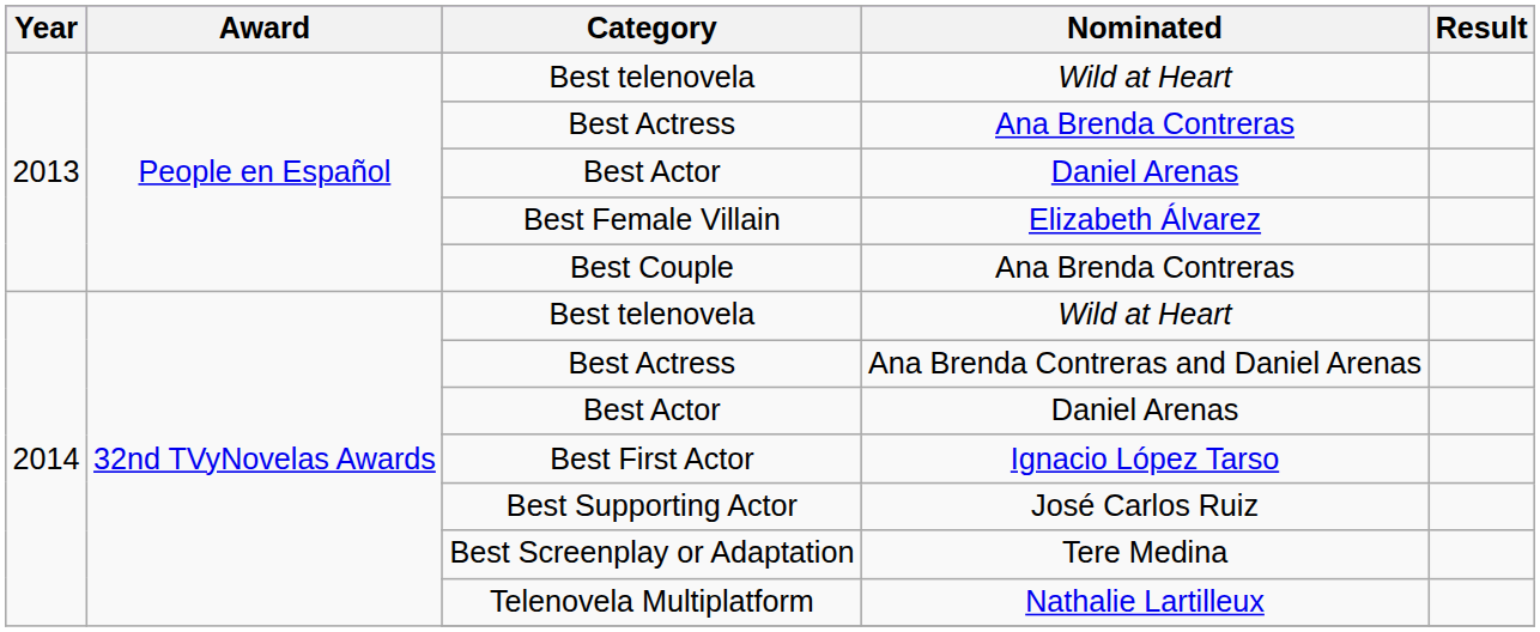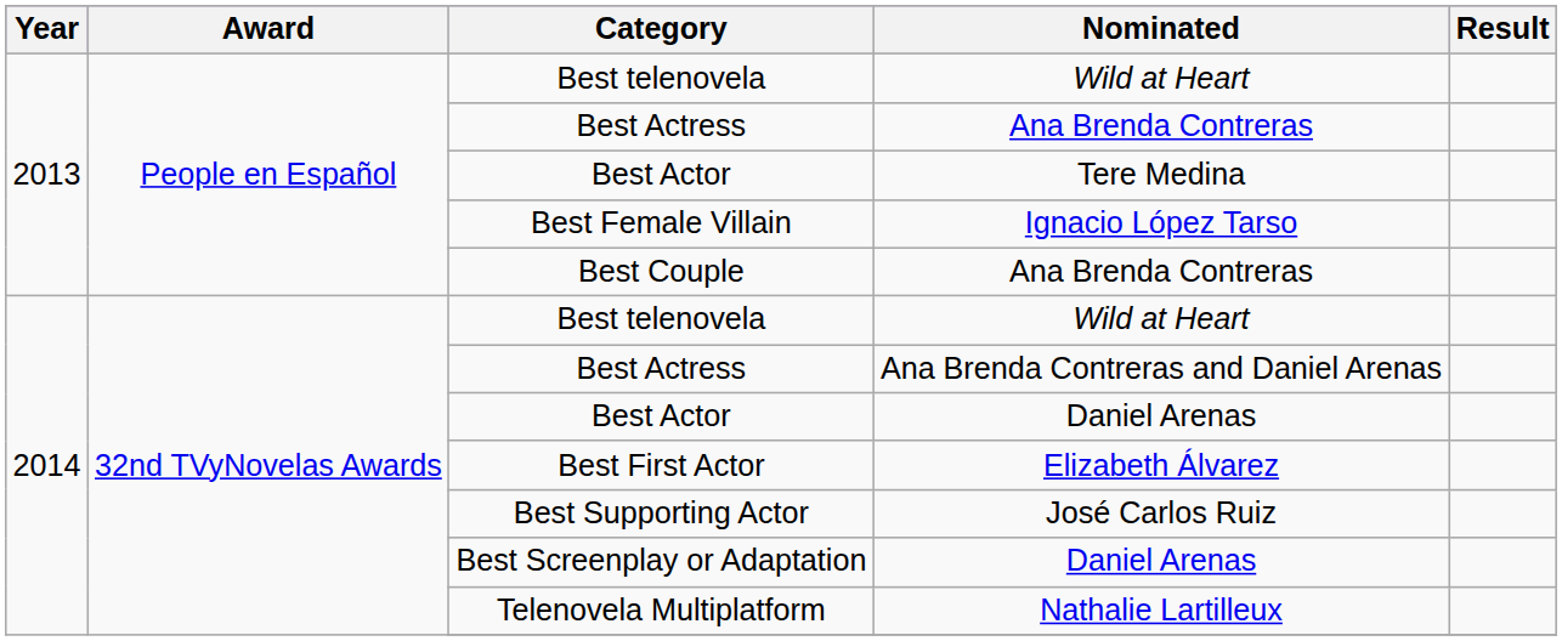 <table class="wikitable plainrowheaders" style="text-align:center;">
 <tr style="background:#96c;">
 <th scope="col">Year</th>
 <th scope="col">Award</th>
 <th scope="col">Category</th>
 <th scope="col">Nominated</th>
 <th scope="col">Result</th>
 </tr>
 <tr>
 <td scope="row" rowspan="5">2013</td>
 <td rowspan="5"><a href='#'>People en Español</a></td>
 <td scope="row">Best telenovela</td>
 <td rowspan="1"><em>Wild at Heart</em></td>
 <td></td>
 </tr>
 <tr>
 <td scope="row">Best Actress</td>
 <td rowspan="1"><a href='#'>Ana Brenda Contreras</a></td>
 <td></td>
 </tr>
 <tr>
 <td scope="row">Best Actor</td>
-<td rowspan="1"><a href='#'>Daniel Arenas</a></td>
+<td rowspan="1">Tere Medina</td>
 <td></td>
 </tr>
 <tr>
 <td scope="row">Best Female Villain</td>
-<td rowspan="1"><a href='#'>Elizabeth Álvarez</a></td>
+<td rowspan="1"><a href='#'>Ignacio López Tarso</a></td>
 <td></td>
 </tr>
 <tr>
 <td scope="row">Best Couple</td>
 <td rowspan="1">Ana Brenda Contreras</td>
 <td></td>
 </tr>
 <tr>
 <td scope="row" rowspan="13">2014</td>
 <td rowspan="13"><a href='#'>32nd TVyNovelas Awards</a></td>
 <td scope="row">Best telenovela</td>
 <td rowspan="1"><em>Wild at Heart</em></td>
 <td></td>
 </tr>
 <tr>
 <td scope="row">Best Actress</td>
 <td rowspan="1">Ana Brenda Contreras and Daniel Arenas</td>
 <td></td>
 </tr>
 <tr>
 <td scope="row">Best Actor</td>
 <td rowspan="1">Daniel Arenas</td>
 <td></td>
 </tr>
 <tr>
 <td scope="row">Best First Actor</td>
-<td rowspan="1"><a href='#'>Ignacio López Tarso</a></td>
+<td rowspan="1"><a href='#'>Elizabeth Álvarez</a></td>
 <td></td>
 </tr>
 <tr>
 <td scope="row">Best Supporting Actor</td>
 <td rowspan="1">José Carlos Ruiz</td>
 <td></td>
 </tr>
 <tr>
 <td scope="row">Best Screenplay or Adaptation</td>
-<td rowspan="1">Tere Medina</td>
+<td rowspan="1"><a href='#'>Daniel Arenas</a></td>
 <td></td>
 </tr>
 <tr>
 <td scope="row">Telenovela Multiplatform</td>
 <td rowspan="1"><a href='#'>Nathalie Lartilleux</a></td>
 <td></td>
 </tr>
 <tr>
 </tr>
 </table>
